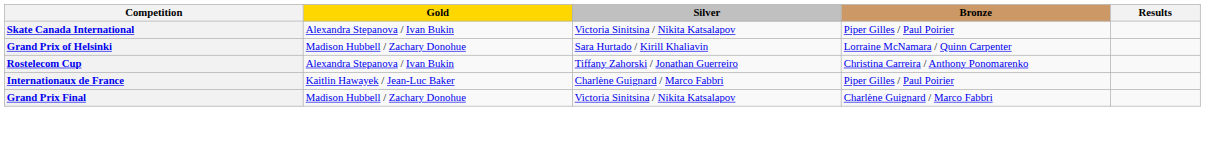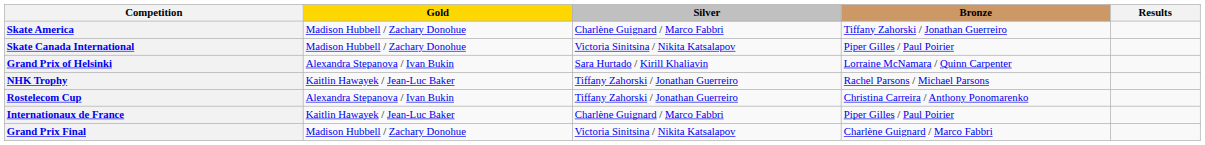 <table class="wikitable unsortable" style="text-align:left; width:90%">
 <tr>
 <th scope="col" style="text-align:center; width:25%;">Competition</th>
 <td scope="col" style="text-align:center; width:22.5%; background:gold"><strong>Gold</strong></td>
 <td scope="col" style="text-align:center; width:22.5%; background:silver"><strong>Silver</strong></td>
 <td scope="col" style="text-align:center; width:22.5%; background:#c96"><strong>Bronze</strong></td>
 <th scope="col" style="text-align:center; width:7.5%;">Results</th>
 </tr>
 <tr>
+<th scope="row" style="text-align:left"> <a href='#'>Skate America</a></th>
+<td> <a href='#'>Madison Hubbell</a> / <a href='#'>Zachary Donohue</a></td>
+<td> <a href='#'>Charlène Guignard</a> / <a href='#'>Marco Fabbri</a></td>
+<td> <a href='#'>Tiffany Zahorski</a> / <a href='#'>Jonathan Guerreiro</a></td>
+<td></td>
+</tr>
+<tr>
 <th scope="row" style="text-align:left"> <a href='#'>Skate Canada International</a></th>
-<td> <a href='#'>Alexandra Stepanova</a> / <a href='#'>Ivan Bukin</a></td>
+<td> <a href='#'>Madison Hubbell</a> / <a href='#'>Zachary Donohue</a></td>
 <td> <a href='#'>Victoria Sinitsina</a> / <a href='#'>Nikita Katsalapov</a></td>
 <td> <a href='#'>Piper Gilles</a> / <a href='#'>Paul Poirier</a></td>
 <td></td>
 </tr>
 <tr>
 <th scope="row" style="text-align:left"> <a href='#'>Grand Prix of Helsinki</a></th>
-<td> <a href='#'>Madison Hubbell</a> / <a href='#'>Zachary Donohue</a></td>
+<td> <a href='#'>Alexandra Stepanova</a> / <a href='#'>Ivan Bukin</a></td>
 <td> <a href='#'>Sara Hurtado</a> / <a href='#'>Kirill Khaliavin</a></td>
 <td> <a href='#'>Lorraine McNamara</a> / <a href='#'>Quinn Carpenter</a></td>
+<td></td>
+</tr>
+<tr>
+<th scope="row" style="text-align:left"> <a href='#'>NHK Trophy</a></th>
+<td> <a href='#'>Kaitlin Hawayek</a> / <a href='#'>Jean-Luc Baker</a></td>
+<td> <a href='#'>Tiffany Zahorski</a> / <a href='#'>Jonathan Guerreiro</a></td>
+<td> <a href='#'>Rachel Parsons</a> / <a href='#'>Michael Parsons</a></td>
 <td></td>
 </tr>
 <tr>
 <th scope="row" style="text-align:left"> <a href='#'>Rostelecom Cup</a></th>
 <td> <a href='#'>Alexandra Stepanova</a> / <a href='#'>Ivan Bukin</a></td>
 <td> <a href='#'>Tiffany Zahorski</a> / <a href='#'>Jonathan Guerreiro</a></td>
 <td> <a href='#'>Christina Carreira</a> / <a href='#'>Anthony Ponomarenko</a></td>
 <td></td>
 </tr>
 <tr>
 <th scope="row" style="text-align:left"> <a href='#'>Internationaux de France</a></th>
 <td> <a href='#'>Kaitlin Hawayek</a> / <a href='#'>Jean-Luc Baker</a></td>
 <td> <a href='#'>Charlène Guignard</a> / <a href='#'>Marco Fabbri</a></td>
 <td> <a href='#'>Piper Gilles</a> / <a href='#'>Paul Poirier</a></td>
 <td></td>
 </tr>
 <tr>
 <th scope="row" style="text-align:left"> <a href='#'>Grand Prix Final</a></th>
 <td> <a href='#'>Madison Hubbell</a> / <a href='#'>Zachary Donohue</a></td>
 <td> <a href='#'>Victoria Sinitsina</a> / <a href='#'>Nikita Katsalapov</a></td>
 <td> <a href='#'>Charlène Guignard</a> / <a href='#'>Marco Fabbri</a></td>
 <td></td>
 </tr>
 </table>
